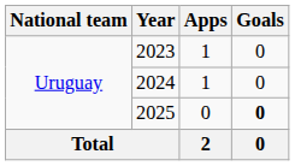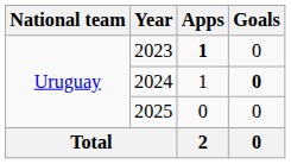 <table class="wikitable" style="text-align:center">
 <tr>
 <th>National team</th>
 <th>Year</th>
 <th>Apps</th>
 <th>Goals</th>
 </tr>
 <tr>
 <td rowspan=3><a href='#'>Uruguay</a></td>
 <td>2023</td>
-<td>1</td>
+<td><strong>1</strong></td>
 <td>0</td>
 </tr>
 <tr>
 <td>2024</td>
 <td>1</td>
-<td>0</td>
+<td><strong>0</strong></td>
 </tr>
 <tr>
 <td>2025</td>
 <td>0</td>
-<td><strong>0</strong></td>
+<td>0</td>
 </tr>
 <tr>
 <th colspan=2>Total</th>
 <th>2</th>
 <th>0</th>
 </tr>
 </table>
